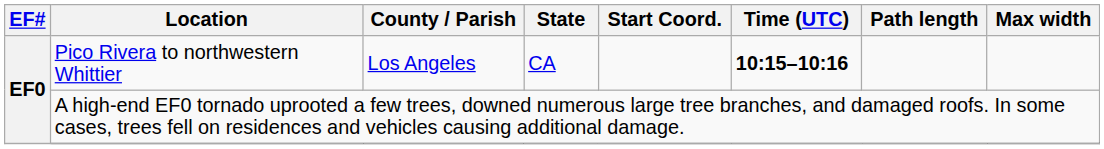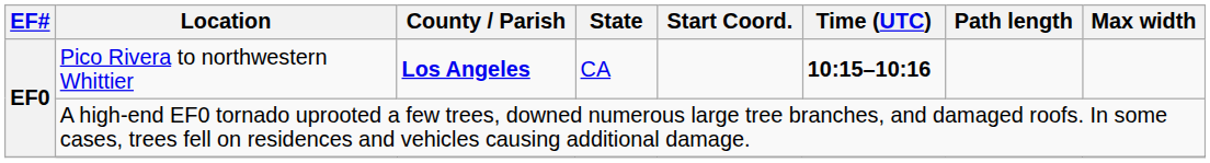 <table class="wikitable sortable" style="width:100%;">
 <tr>
 <th scope="col" width="2%" align="center"><a href='#'>EF#</a></th>
 <th scope="col" align="center" class="unsortable">Location</th>
 <th scope="col" align="center" class="unsortable">County / Parish</th>
 <th scope="col" align="center">State</th>
 <th scope="col" align="center">Start Coord.</th>
 <th scope="col" align="center">Time (<a href='#'>UTC</a>)</th>
 <th scope="col" align="center">Path length</th>
 <th scope="col" align="center">Max width</th>
 </tr>
 <tr>
 <th scope="row" rowspan="2" style="background-color:#">EF0</th>
 <td><a href='#'>Pico Rivera</a> to northwestern <a href='#'>Whittier</a></td>
-<td><a href='#'>Los Angeles</a></td>
+<td><strong><a href='#'>Los Angeles</a></strong></td>
 <td><a href='#'>CA</a></td>
 <td></td>
 <td><strong>10:15–10:16</strong></td>
 <td></td>
 <td></td>
 </tr>
 <tr class="expand-child">
 <td colspan="7" style=" border-bottom: 1px solid black;">A high-end EF0 tornado uprooted a few trees, downed numerous large tree branches, and damaged roofs. In some cases, trees fell on residences and vehicles causing additional damage.</td>
 </tr>
 <tr>
 </tr>
 </table>
